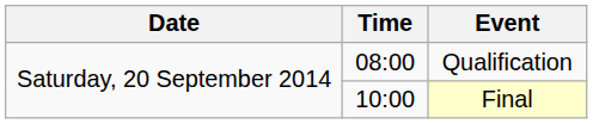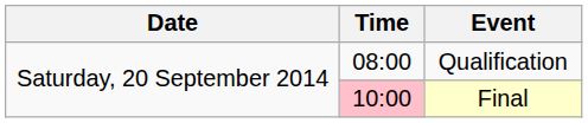 <table class = "wikitable" style="text-align:center;">
 <tr>
 <th width=220>Date</th>
 <th width=50>Time</th>
 <th width=100>Event</th>
 </tr>
 <tr>
 <td rowspan=2>Saturday, 20 September 2014</td>
 <td>08:00</td>
 <td>Qualification</td>
 </tr>
 <tr>
-<td>10:00</td>
+<td style="background: pink;">10:00</td>
 <td bgcolor=ffffcc>Final</td>
 </tr>
 </table>
